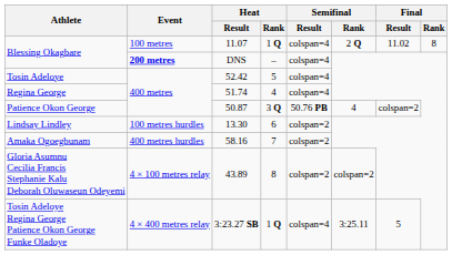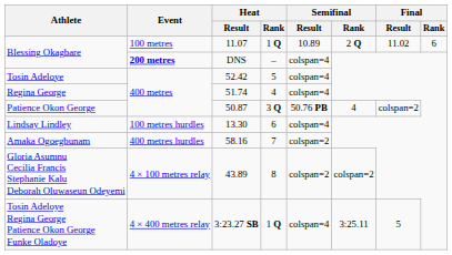 <table class="wikitable" style="font-size:90%">
 <tr>
 <th rowspan="2">Athlete</th>
 <th rowspan="2">Event</th>
 <th colspan="2">Heat</th>
 <th colspan="2">Semifinal</th>
 <th colspan="2">Final</th>
 </tr>
 <tr style="font-size:95%">
 <th>Result</th>
 <th>Rank</th>
 <th>Result</th>
 <th>Rank</th>
 <th>Result</th>
 <th>Rank</th>
 </tr>
 <tr style=text-align:center>
 <td style=text-align:left rowspan=2><a href='#'>Blessing Okagbare</a></td>
 <td style=text-align:left><a href='#'>100 metres</a></td>
 <td>11.07</td>
 <td>1 <strong>Q</strong></td>
-<td>colspan=4 </td>
+<td>10.89</td>
 <td>2 <strong>Q</strong></td>
 <td>11.02</td>
-<td>8</td>
+<td>6</td>
 </tr>
 <tr style=text-align:center>
 <td style=text-align:left><strong><a href='#'>200 metres</a></strong></td>
 <td>DNS</td>
 <td>–</td>
 <td>colspan=4 </td>
 </tr>
 <tr style=text-align:center>
 <td style=text-align:left><a href='#'>Tosin Adeloye</a></td>
 <td style=text-align:left rowspan = 3><a href='#'>400 metres</a></td>
 <td>52.42</td>
 <td>5</td>
 <td>colspan=4 </td>
 </tr>
 <tr style=text-align:center>
 <td style=text-align:left><a href='#'>Regina George</a></td>
 <td>51.74</td>
 <td>4</td>
 <td>colspan=4 </td>
 </tr>
 <tr style=text-align:center>
 <td style=text-align:left><a href='#'>Patience Okon George</a></td>
 <td>50.87</td>
 <td>3 <strong>Q</strong></td>
 <td>50.76 <strong>PB</strong></td>
 <td>4</td>
 <td>colspan=2 </td>
 </tr>
 <tr style=text-align:center>
 <td style=text-align:left><a href='#'>Lindsay Lindley</a></td>
 <td style=text-align:left><a href='#'>100 metres hurdles</a></td>
 <td>13.30</td>
 <td>6</td>
-<td>colspan=2 </td>
+<td>colspan=4 </td>
 </tr>
 <tr style=text-align:center>
 <td style=text-align:left><a href='#'>Amaka Ogoegbunam</a></td>
 <td style=text-align:left><a href='#'>400 metres hurdles</a></td>
 <td>58.16</td>
 <td>7</td>
 <td>colspan=2 </td>
 </tr>
 <tr style=text-align:center>
 <td style=text-align:left><a href='#'>Gloria Asumnu</a><br><a href='#'>Cecilia Francis</a><br><a href='#'>Stephanie Kalu</a><br><a href='#'>Deborah Oluwaseun Odeyemi</a></td>
 <td style=text-align:left><a href='#'>4 × 100 metres relay</a></td>
 <td>43.89</td>
 <td>8</td>
 <td>colspan=2 </td>
 <td>colspan=2 </td>
 </tr>
 <tr style=text-align:center>
 <td style=text-align:left><a href='#'>Tosin Adeloye</a><br><a href='#'>Regina George</a><br><a href='#'>Patience Okon George</a><br><a href='#'>Funke Oladoye</a></td>
 <td style=text-align:left><a href='#'>4 × 400 metres relay</a></td>
 <td>3:23.27 <strong>SB</strong></td>
 <td>1 <strong>Q</strong></td>
 <td>colspan=4 </td>
 <td>3:25.11</td>
 <td>5</td>
 </tr>
 </table>
